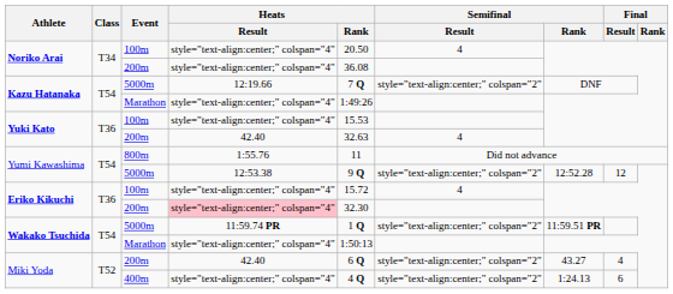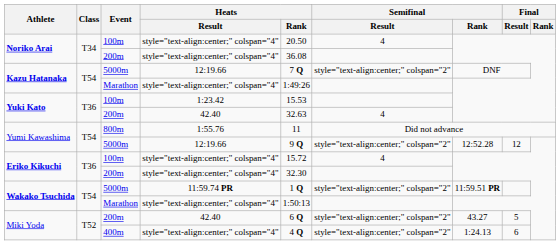 <table class=wikitable style="font-size:90%">
 <tr>
 <th rowspan="2">Athlete</th>
 <th rowspan="2">Class</th>
 <th rowspan="2">Event</th>
 <th colspan="2">Heats</th>
 <th colspan="2">Semifinal</th>
 <th colspan="3">Final</th>
 </tr>
 <tr>
 <th>Result</th>
 <th>Rank</th>
 <th>Result</th>
 <th>Rank</th>
 <th>Result</th>
 <th>Rank</th>
 </tr>
 <tr>
 <td rowspan="2"><strong><a href='#'>Noriko Arai</a></strong></td>
 <td rowspan="2" style="text-align:center;">T34</td>
 <td><a href='#'>100m</a></td>
 <td>style="text-align:center;" colspan="4" </td>
 <td style="text-align:center;">20.50</td>
 <td style="text-align:center;">4</td>
 </tr>
 <tr>
 <td><a href='#'>200m</a></td>
 <td>style="text-align:center;" colspan="4" </td>
 <td style="text-align:center;">36.08</td>
 <td style="text-align:center;"></td>
 </tr>
 <tr>
 <td rowspan="2"><strong><a href='#'>Kazu Hatanaka</a></strong></td>
 <td rowspan="2" style="text-align:center;">T54</td>
 <td><a href='#'>5000m</a></td>
 <td style="text-align:center;">12:19.66</td>
 <td style="text-align:center;">7 <strong>Q</strong></td>
 <td>style="text-align:center;" colspan="2" </td>
 <td style="text-align:center;" colspan="2">DNF</td>
 </tr>
 <tr>
 <td><a href='#'>Marathon</a></td>
 <td>style="text-align:center;" colspan="4" </td>
 <td style="text-align:center;">1:49:26</td>
 <td style="text-align:center;"></td>
 </tr>
 <tr>
 <td rowspan="2"><strong><a href='#'>Yuki Kato</a></strong></td>
 <td rowspan="2" style="text-align:center;">T36</td>
 <td><a href='#'>100m</a></td>
-<td>style="text-align:center;" colspan="4" </td>
+<td style="text-align:center;">1:23.42</td>
 <td style="text-align:center;">15.53</td>
 <td style="text-align:center;"></td>
 </tr>
 <tr>
 <td><a href='#'>200m</a></td>
 <td style="text-align:center;">42.40</td>
 <td style="text-align:center;">32.63</td>
 <td style="text-align:center;">4</td>
 </tr>
 <tr>
 <td rowspan="2"><a href='#'>Yumi Kawashima</a></td>
 <td rowspan="2" style="text-align:center;">T54</td>
 <td><a href='#'>800m</a></td>
 <td style="text-align:center;">1:55.76</td>
 <td style="text-align:center;">11</td>
 <td style="text-align:center;" colspan="4">Did not advance</td>
 </tr>
 <tr>
 <td><a href='#'>5000m</a></td>
-<td style="text-align:center;">12:53.38</td>
+<td style="text-align:center;">12:19.66</td>
 <td style="text-align:center;">9 <strong>Q</strong></td>
 <td>style="text-align:center;" colspan="2" </td>
 <td style="text-align:center;">12:52.28</td>
 <td style="text-align:center;">12</td>
 </tr>
 <tr>
 <td rowspan="2"><strong><a href='#'>Eriko Kikuchi</a></strong></td>
 <td rowspan="2" style="text-align:center;">T36</td>
 <td><a href='#'>100m</a></td>
 <td>style="text-align:center;" colspan="4" </td>
 <td style="text-align:center;">15.72</td>
 <td style="text-align:center;">4</td>
 </tr>
 <tr>
 <td><a href='#'>200m</a></td>
-<td style="background: pink;">style="text-align:center;" colspan="4" </td>
+<td>style="text-align:center;" colspan="4" </td>
 <td style="text-align:center;">32.30</td>
 <td style="text-align:center;"></td>
 </tr>
 <tr>
 <td rowspan="2"><strong><a href='#'>Wakako Tsuchida</a></strong></td>
 <td rowspan="2" style="text-align:center;">T54</td>
 <td><a href='#'>5000m</a></td>
 <td style="text-align:center;">11:59.74 <strong>PR</strong></td>
 <td style="text-align:center;">1 <strong>Q</strong></td>
 <td>style="text-align:center;" colspan="2" </td>
 <td style="text-align:center;">11:59.51 <strong>PR</strong></td>
 <td style="text-align:center;"></td>
 </tr>
 <tr>
 <td><a href='#'>Marathon</a></td>
 <td>style="text-align:center;" colspan="4" </td>
 <td style="text-align:center;">1:50:13</td>
 <td style="text-align:center;"></td>
 </tr>
 <tr>
 <td rowspan="2"><a href='#'>Miki Yoda</a></td>
 <td rowspan="2" style="text-align:center;">T52</td>
 <td><a href='#'>200m</a></td>
 <td style="text-align:center;">42.40</td>
 <td style="text-align:center;">6 <strong>Q</strong></td>
 <td>style="text-align:center;" colspan="2" </td>
 <td style="text-align:center;">43.27</td>
-<td style="text-align:center;">4</td>
+<td style="text-align:center;">5</td>
 </tr>
 <tr>
 <td><a href='#'>400m</a></td>
 <td>style="text-align:center;" colspan="4" </td>
 <td style="text-align:center;">4 <strong>Q</strong></td>
 <td>style="text-align:center;" colspan="2" </td>
 <td style="text-align:center;">1:24.13</td>
 <td style="text-align:center;">6</td>
 </tr>
 </table>
